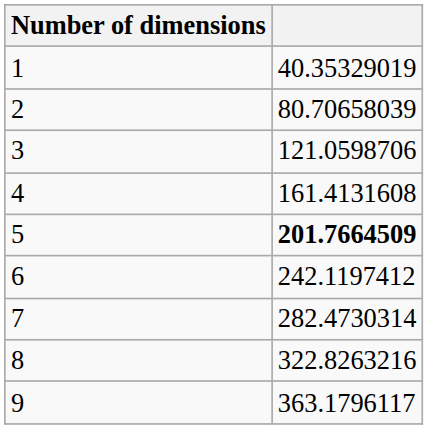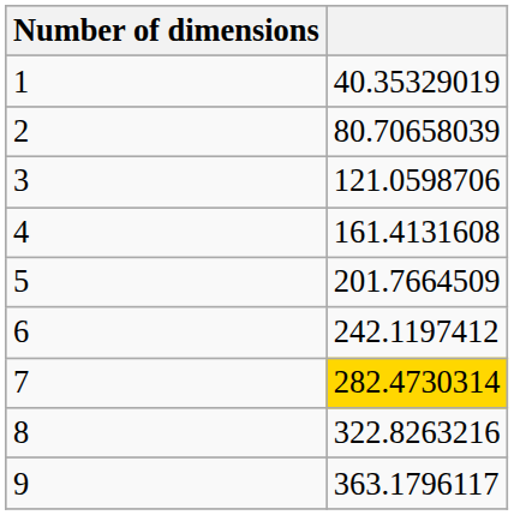 <table class="wikitable">
 <tr>
 <th>Number of dimensions</th>
 <th><br></th>
 </tr>
 <tr style="vertical-align:bottom;">
 <td>1</td>
 <td>40.35329019</td>
 </tr>
 <tr style="vertical-align:bottom;">
 <td>2</td>
 <td>80.70658039</td>
 </tr>
 <tr style="vertical-align:bottom;">
 <td>3</td>
 <td>121.0598706</td>
 </tr>
 <tr style="vertical-align:bottom;">
 <td>4</td>
 <td>161.4131608</td>
 </tr>
 <tr style="vertical-align:bottom;">
 <td>5</td>
-<td><strong>201.7664509</strong></td>
+<td>201.7664509</td>
 </tr>
 <tr style="vertical-align:bottom;">
 <td>6</td>
 <td>242.1197412</td>
 </tr>
 <tr style="vertical-align:bottom;">
 <td>7</td>
-<td>282.4730314</td>
+<td style="background: gold;">282.4730314</td>
 </tr>
 <tr style="vertical-align:bottom;">
 <td>8</td>
 <td>322.8263216</td>
 </tr>
 <tr style="vertical-align:bottom;">
 <td>9</td>
 <td>363.1796117</td>
 </tr>
 </table>
